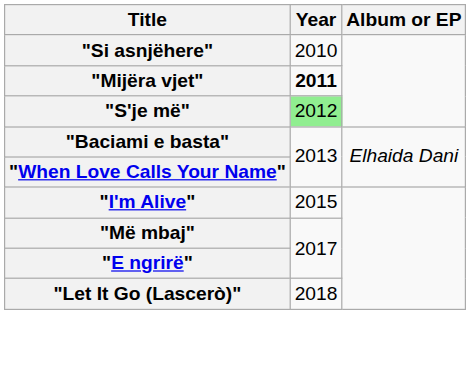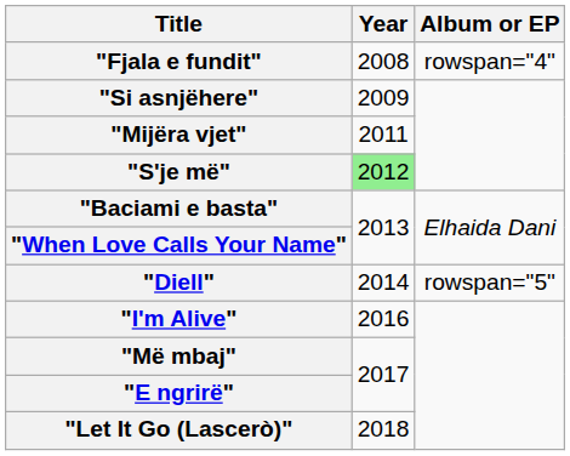 <table class="wikitable plainrowheaders" style="text-align:center;">
 <tr>
 <th scope="col">Title</th>
 <th scope="col">Year</th>
 <th scope="col">Album or EP</th>
 </tr>
 <tr>
+<th scope="row">"Fjala e fundit"</th>
+<td>2008</td>
+<td>rowspan="4" </td>
+</tr>
+<tr>
 <th scope="row">"Si asnjëhere"</th>
-<td>2010</td>
+<td>2009</td>
 </tr>
 <tr>
 <th scope="row">"Mijëra vjet"</th>
-<td><strong>2011</strong></td>
+<td>2011</td>
 </tr>
 <tr>
 <th scope="row">"S'je më"</th>
 <td style="background: lightgreen;">2012</td>
 </tr>
 <tr>
 <th scope="row">"Baciami e basta"</th>
 <td rowspan="2">2013</td>
 <td rowspan="2"><em>Elhaida Dani</em></td>
 </tr>
 <tr>
 <th scope="row">"<a href='#'>When Love Calls Your Name</a>"</th>
 </tr>
 <tr>
+<th scope="row">"<a href='#'>Diell</a>"</th>
+<td>2014</td>
+<td>rowspan="5" </td>
+</tr>
+<tr>
 <th scope="row">"<a href='#'>I'm Alive</a>"</th>
-<td>2015</td>
+<td>2016</td>
 </tr>
 <tr>
 <th scope="row">"Më mbaj"<br></th>
 <td rowspan="2">2017</td>
 </tr>
 <tr>
 <th scope="row">"<a href='#'>E ngrirë</a>"</th>
 </tr>
 <tr>
 <th scope="row">"Let It Go (Lascerò)"<br></th>
 <td>2018</td>
 </tr>
 </table>
